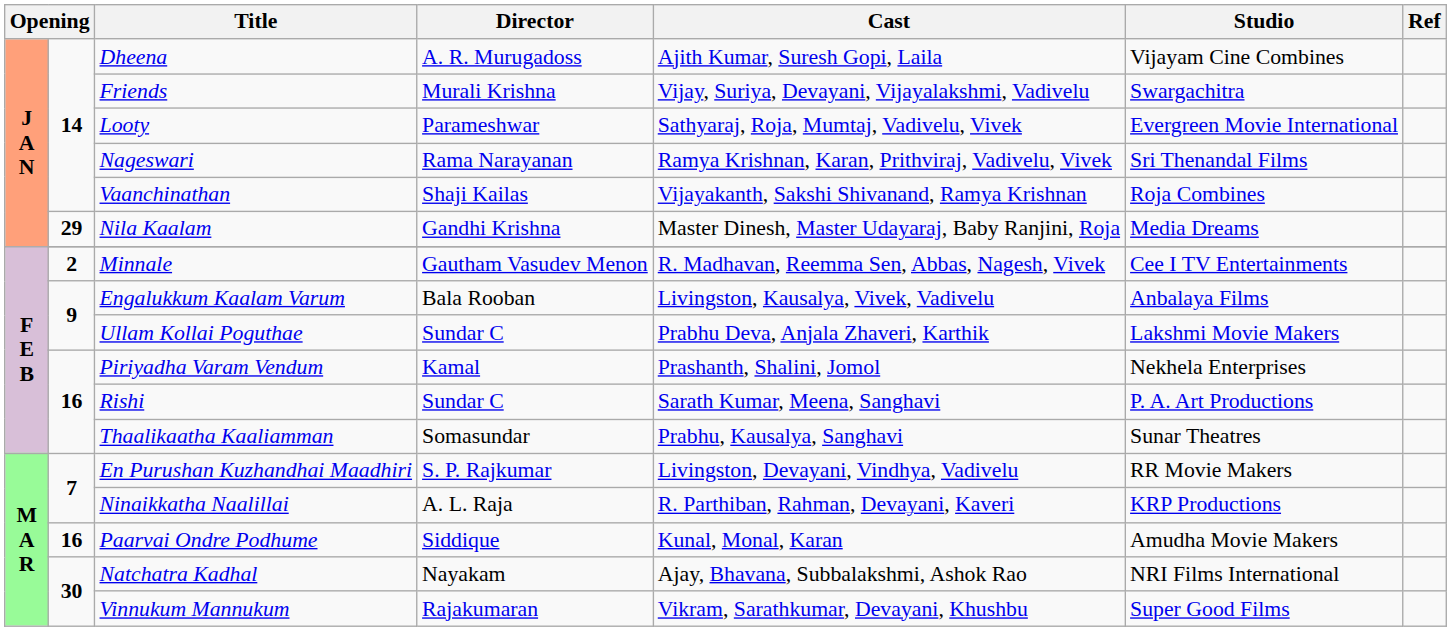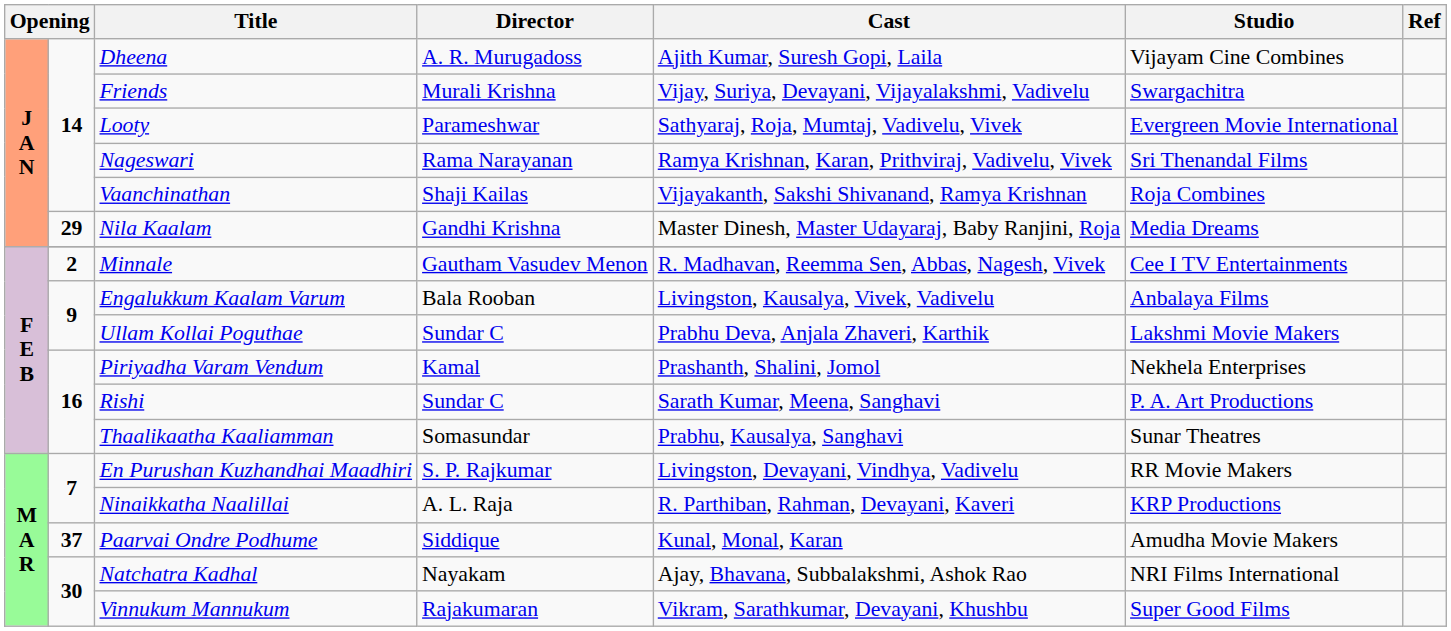 <table class="wikitable">
 <tr>
 <th colspan="2">Opening</th>
 <th>Title</th>
 <th>Director</th>
 <th>Cast</th>
 <th>Studio</th>
 <th>Ref</th>
 </tr>
 <tr>
 <td rowspan="6" valign="center" align="center" style="background:#FFA07A; textcolor:#000;"><strong>J<br>A<br>N</strong></td>
 <td rowspan="5" align="center"><strong>14</strong></td>
 <td><em><a href='#'>Dheena</a></em></td>
 <td><a href='#'>A. R. Murugadoss</a></td>
 <td><a href='#'>Ajith Kumar</a>, <a href='#'>Suresh Gopi</a>, <a href='#'>Laila</a></td>
 <td>Vijayam Cine Combines</td>
 <td></td>
 </tr>
 <tr>
 <td><em><a href='#'>Friends</a></em></td>
 <td><a href='#'>Murali Krishna</a></td>
 <td><a href='#'>Vijay</a>, <a href='#'>Suriya</a>, <a href='#'>Devayani</a>, <a href='#'>Vijayalakshmi</a>, <a href='#'>Vadivelu</a></td>
 <td><a href='#'>Swargachitra</a></td>
 <td></td>
 </tr>
 <tr>
 <td><em><a href='#'>Looty</a></em></td>
 <td><a href='#'>Parameshwar</a></td>
 <td><a href='#'>Sathyaraj</a>, <a href='#'>Roja</a>, <a href='#'>Mumtaj</a>, <a href='#'>Vadivelu</a>, <a href='#'>Vivek</a></td>
 <td><a href='#'>Evergreen Movie International</a></td>
 <td></td>
 </tr>
 <tr>
 <td><em><a href='#'>Nageswari</a></em></td>
 <td><a href='#'>Rama Narayanan</a></td>
 <td><a href='#'>Ramya Krishnan</a>, <a href='#'>Karan</a>, <a href='#'>Prithviraj</a>, <a href='#'>Vadivelu</a>, <a href='#'>Vivek</a></td>
 <td><a href='#'>Sri Thenandal Films</a></td>
 <td></td>
 </tr>
 <tr>
 <td><em><a href='#'>Vaanchinathan</a></em></td>
 <td><a href='#'>Shaji Kailas</a></td>
 <td><a href='#'>Vijayakanth</a>, <a href='#'>Sakshi Shivanand</a>, <a href='#'>Ramya Krishnan</a></td>
 <td><a href='#'>Roja Combines</a></td>
 <td></td>
 </tr>
 <tr>
 <td rowspan="1" align="center"><strong>29</strong></td>
 <td><em><a href='#'>Nila Kaalam</a></em></td>
 <td><a href='#'>Gandhi Krishna</a></td>
 <td>Master Dinesh, <a href='#'>Master Udayaraj</a>, Baby Ranjini, <a href='#'>Roja</a></td>
 <td><a href='#'>Media Dreams</a></td>
 <td></td>
 </tr>
 <tr February!>
 <td rowspan="7" valign="center" align="center" style="background:#D8BFD8; textcolor:#000;"><strong>F<br>E<br>B</strong></td>
 </tr>
 <tr>
 <td rowspan="1" align="center"><strong>2</strong></td>
 <td><em><a href='#'>Minnale</a></em></td>
 <td><a href='#'>Gautham Vasudev Menon</a></td>
 <td><a href='#'>R. Madhavan</a>, <a href='#'>Reemma Sen</a>, <a href='#'>Abbas</a>, <a href='#'>Nagesh</a>, <a href='#'>Vivek</a></td>
 <td><a href='#'>Cee I TV Entertainments</a></td>
 <td></td>
 </tr>
 <tr>
 <td rowspan="2" align="center"><strong>9</strong></td>
 <td><em><a href='#'>Engalukkum Kaalam Varum</a></em></td>
 <td>Bala Rooban</td>
 <td><a href='#'>Livingston</a>, <a href='#'>Kausalya</a>, <a href='#'>Vivek</a>,  <a href='#'>Vadivelu</a></td>
 <td><a href='#'>Anbalaya Films</a></td>
 <td></td>
 </tr>
 <tr>
 <td><em><a href='#'>Ullam Kollai Poguthae</a></em></td>
 <td><a href='#'>Sundar C</a></td>
 <td><a href='#'>Prabhu Deva</a>, <a href='#'>Anjala Zhaveri</a>, <a href='#'>Karthik</a></td>
 <td><a href='#'>Lakshmi Movie Makers</a></td>
 <td></td>
 </tr>
 <tr>
 <td rowspan="3" align="center"><strong>16</strong></td>
 <td><em><a href='#'>Piriyadha Varam Vendum</a></em></td>
 <td><a href='#'>Kamal</a></td>
 <td><a href='#'>Prashanth</a>, <a href='#'>Shalini</a>, <a href='#'>Jomol</a></td>
 <td>Nekhela Enterprises</td>
 <td></td>
 </tr>
 <tr>
 <td><em><a href='#'>Rishi</a></em></td>
 <td><a href='#'>Sundar C</a></td>
 <td><a href='#'>Sarath Kumar</a>, <a href='#'>Meena</a>, <a href='#'>Sanghavi</a></td>
 <td><a href='#'>P. A. Art Productions</a></td>
 <td></td>
 </tr>
 <tr>
 <td><em><a href='#'>Thaalikaatha Kaaliamman</a></em></td>
 <td>Somasundar</td>
 <td><a href='#'>Prabhu</a>, <a href='#'>Kausalya</a>, <a href='#'>Sanghavi</a></td>
 <td>Sunar Theatres</td>
 <td></td>
 </tr>
 <tr March!>
 <td rowspan="5" valign="center" align="center" style="background:#98FB98; textcolor:#000;"><strong>M<br>A<br>R</strong></td>
 <td rowspan="2" align="center"><strong>7</strong></td>
 <td><em><a href='#'>En Purushan Kuzhandhai Maadhiri</a></em></td>
 <td><a href='#'>S. P. Rajkumar</a></td>
 <td><a href='#'>Livingston</a>, <a href='#'>Devayani</a>, <a href='#'>Vindhya</a>, <a href='#'>Vadivelu</a></td>
 <td>RR Movie Makers</td>
 <td></td>
 </tr>
 <tr>
 <td><em><a href='#'>Ninaikkatha Naalillai</a></em></td>
 <td>A. L. Raja</td>
 <td><a href='#'>R. Parthiban</a>, <a href='#'>Rahman</a>, <a href='#'>Devayani</a>, <a href='#'>Kaveri</a></td>
 <td><a href='#'>KRP Productions</a></td>
 <td></td>
 </tr>
 <tr>
-<td rowspan="1" align="center"><strong>16</strong></td>
+<td rowspan="1" align="center"><strong>37</strong></td>
 <td><em><a href='#'>Paarvai Ondre Podhume</a></em></td>
 <td><a href='#'>Siddique</a></td>
 <td><a href='#'>Kunal</a>, <a href='#'>Monal</a>, <a href='#'>Karan</a></td>
 <td>Amudha Movie Makers</td>
 <td></td>
 </tr>
 <tr>
 <td rowspan="2" align="center"><strong>30</strong></td>
 <td><em><a href='#'>Natchatra Kadhal</a></em></td>
 <td>Nayakam</td>
 <td>Ajay, <a href='#'>Bhavana</a>, Subbalakshmi, Ashok Rao</td>
 <td>NRI Films International</td>
 <td></td>
 </tr>
 <tr>
 <td><em><a href='#'>Vinnukum Mannukum</a></em></td>
 <td><a href='#'>Rajakumaran</a></td>
 <td><a href='#'>Vikram</a>, <a href='#'>Sarathkumar</a>, <a href='#'>Devayani</a>, <a href='#'>Khushbu</a></td>
 <td><a href='#'>Super Good Films</a></td>
 <td></td>
 </tr>
 </table>
